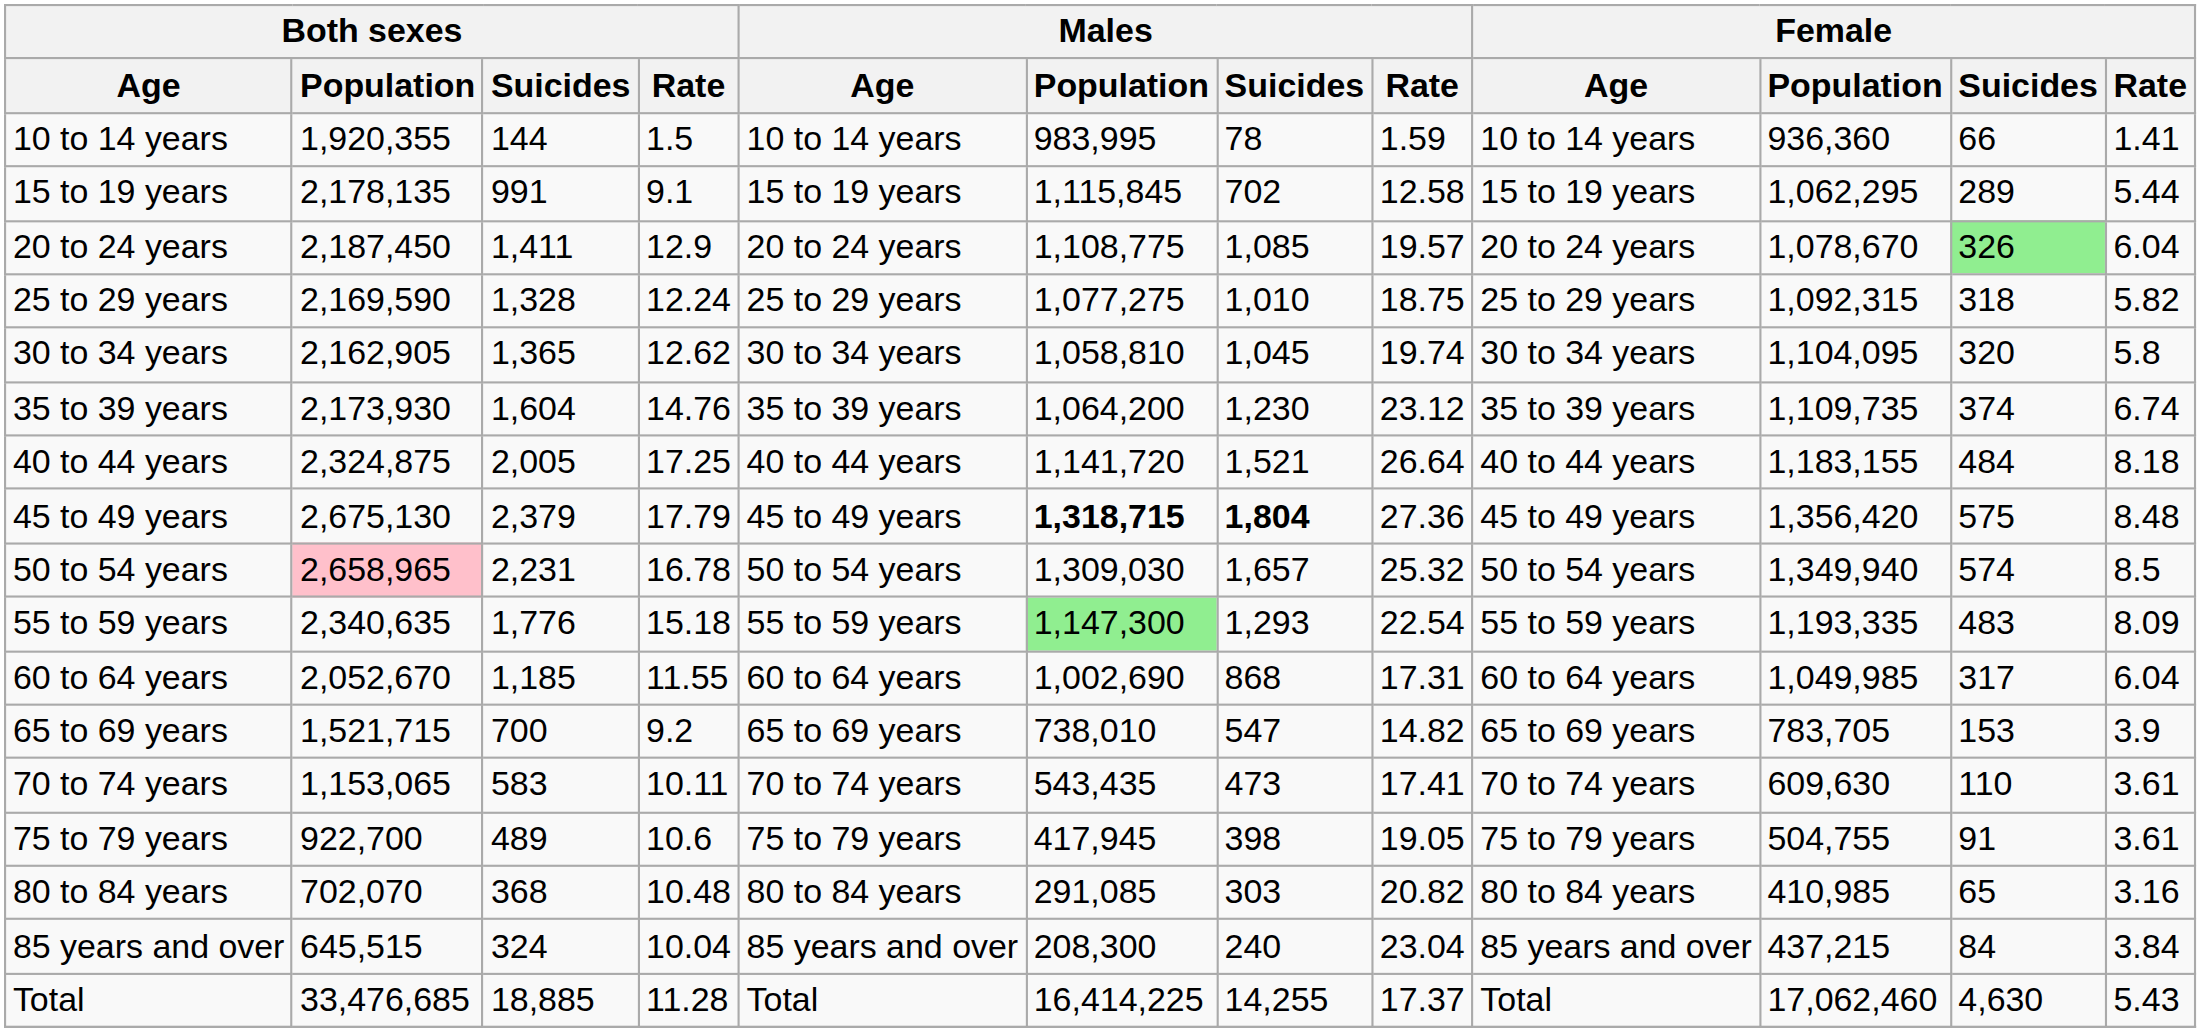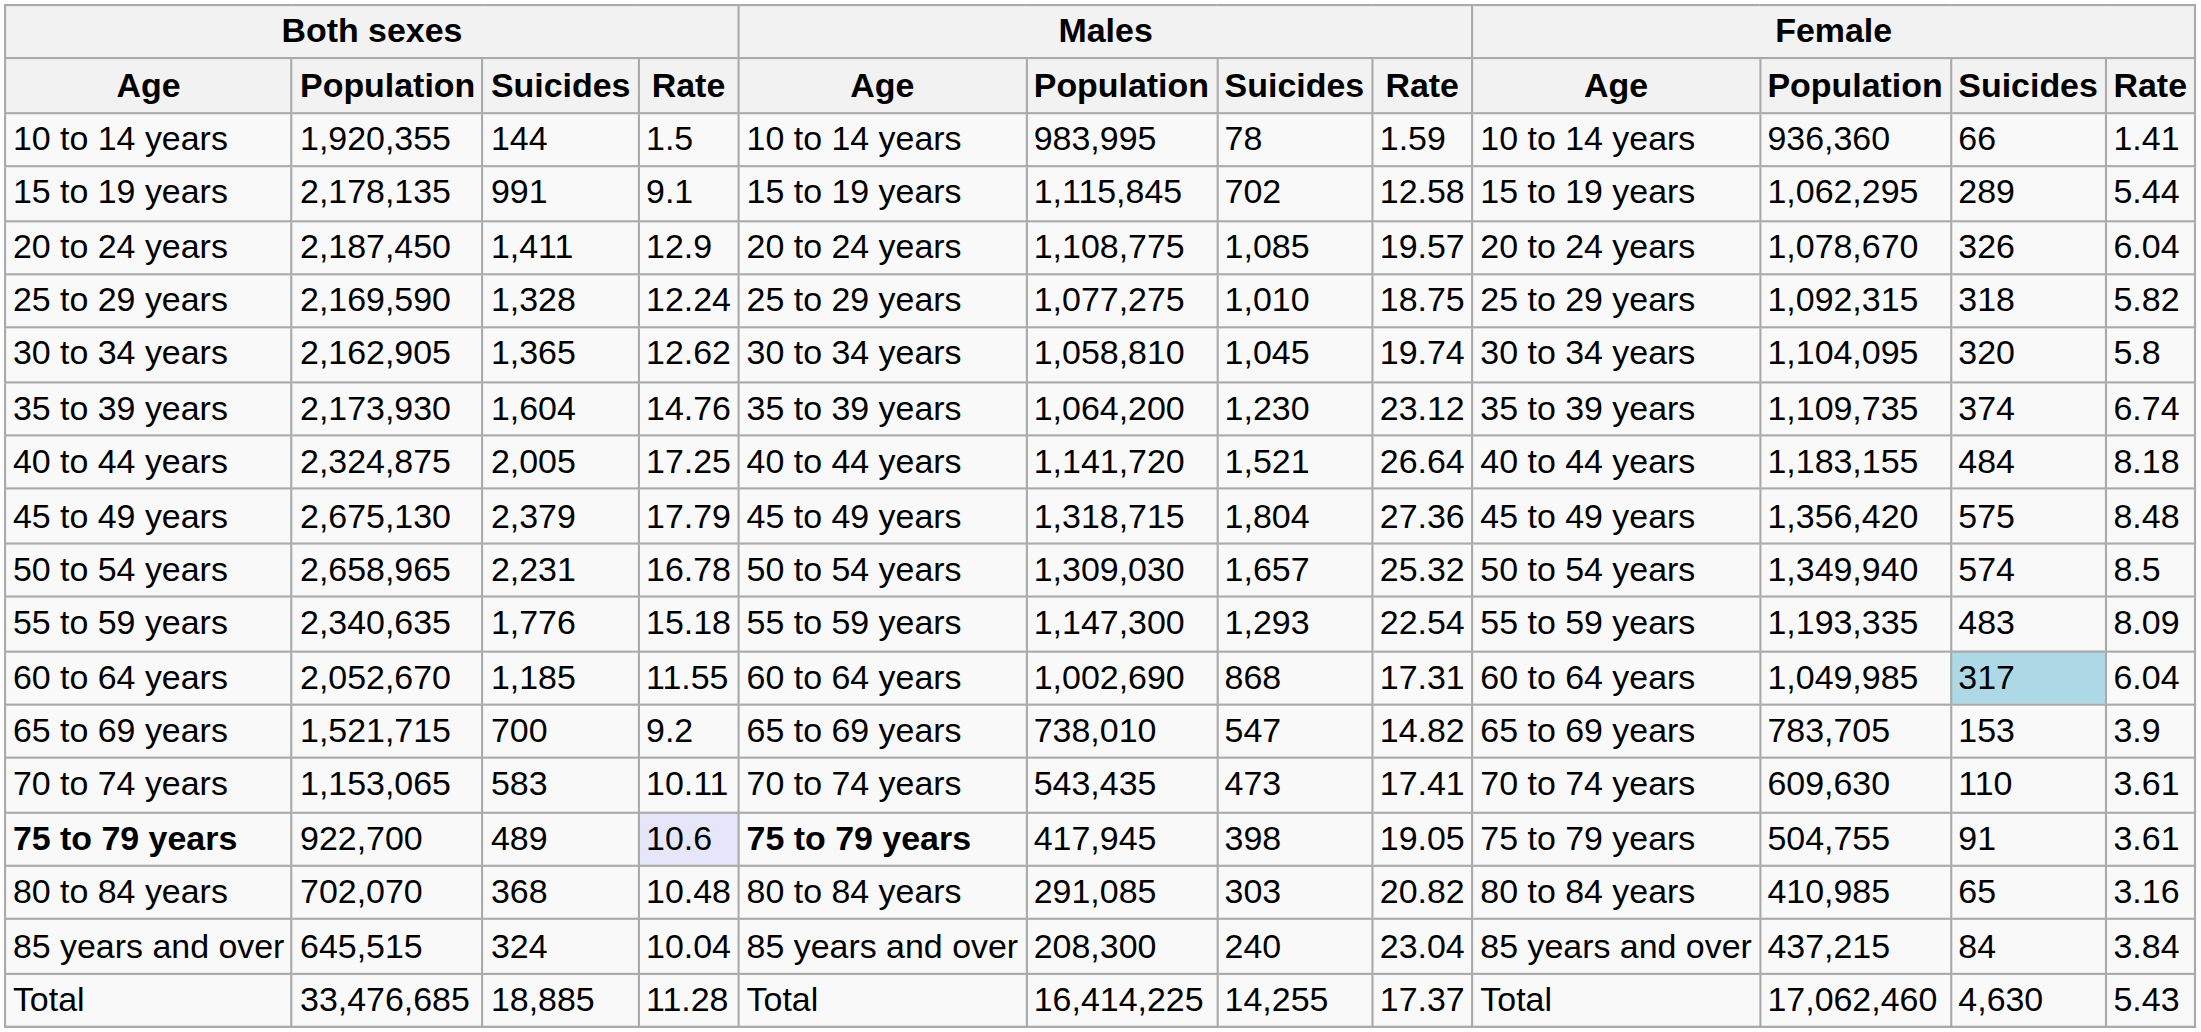 <table class="wikitable sortable">
 <tr>
 <th colspan="4">Both sexes</th>
 <th colspan="4">Males</th>
 <th colspan="4">Female</th>
 </tr>
 <tr>
 <th scope="col">Age</th>
 <th scope="col">Population</th>
 <th scope="col">Suicides</th>
 <th scope="col">Rate</th>
 <th scope="col">Age</th>
 <th scope="col">Population</th>
 <th scope="col">Suicides</th>
 <th scope="col">Rate</th>
 <th scope="col">Age</th>
 <th scope="col">Population</th>
 <th scope="col">Suicides</th>
 <th scope="col">Rate</th>
 </tr>
 <tr>
 <td>10 to 14 years</td>
 <td>1,920,355</td>
 <td>144</td>
 <td>1.5</td>
 <td>10 to 14 years</td>
 <td>983,995</td>
 <td>78</td>
 <td>1.59</td>
 <td>10 to 14 years</td>
 <td>936,360</td>
 <td>66</td>
 <td>1.41</td>
 </tr>
 <tr>
 <td>15 to 19 years</td>
 <td>2,178,135</td>
 <td>991</td>
 <td>9.1</td>
 <td>15 to 19 years</td>
 <td>1,115,845</td>
 <td>702</td>
 <td>12.58</td>
 <td>15 to 19 years</td>
 <td>1,062,295</td>
 <td>289</td>
 <td>5.44</td>
 </tr>
 <tr>
 <td>20 to 24 years</td>
 <td>2,187,450</td>
 <td>1,411</td>
 <td>12.9</td>
 <td>20 to 24 years</td>
 <td>1,108,775</td>
 <td>1,085</td>
 <td>19.57</td>
 <td>20 to 24 years</td>
 <td>1,078,670</td>
-<td style="background: lightgreen;">326</td>
+<td>326</td>
 <td>6.04</td>
 </tr>
 <tr>
 <td>25 to 29 years</td>
 <td>2,169,590</td>
 <td>1,328</td>
 <td>12.24</td>
 <td>25 to 29 years</td>
 <td>1,077,275</td>
 <td>1,010</td>
 <td>18.75</td>
 <td>25 to 29 years</td>
 <td>1,092,315</td>
 <td>318</td>
 <td>5.82</td>
 </tr>
 <tr>
 <td>30 to 34 years</td>
 <td>2,162,905</td>
 <td>1,365</td>
 <td>12.62</td>
 <td>30 to 34 years</td>
 <td>1,058,810</td>
 <td>1,045</td>
 <td>19.74</td>
 <td>30 to 34 years</td>
 <td>1,104,095</td>
 <td>320</td>
 <td>5.8</td>
 </tr>
 <tr>
 <td>35 to 39 years</td>
 <td>2,173,930</td>
 <td>1,604</td>
 <td>14.76</td>
 <td>35 to 39 years</td>
 <td>1,064,200</td>
 <td>1,230</td>
 <td>23.12</td>
 <td>35 to 39 years</td>
 <td>1,109,735</td>
 <td>374</td>
 <td>6.74</td>
 </tr>
 <tr>
 <td>40 to 44 years</td>
 <td>2,324,875</td>
 <td>2,005</td>
 <td>17.25</td>
 <td>40 to 44 years</td>
 <td>1,141,720</td>
 <td>1,521</td>
 <td>26.64</td>
 <td>40 to 44 years</td>
 <td>1,183,155</td>
 <td>484</td>
 <td>8.18</td>
 </tr>
 <tr>
 <td>45 to 49 years</td>
 <td>2,675,130</td>
 <td>2,379</td>
 <td>17.79</td>
 <td>45 to 49 years</td>
-<td><strong>1,318,715</strong></td>
-<td><strong>1,804</strong></td>
+<td>1,318,715</td>
+<td>1,804</td>
 <td>27.36</td>
 <td>45 to 49 years</td>
 <td>1,356,420</td>
 <td>575</td>
 <td>8.48</td>
 </tr>
 <tr>
 <td>50 to 54 years</td>
-<td style="background: pink;">2,658,965</td>
+<td>2,658,965</td>
 <td>2,231</td>
 <td>16.78</td>
 <td>50 to 54 years</td>
 <td>1,309,030</td>
 <td>1,657</td>
 <td>25.32</td>
 <td>50 to 54 years</td>
 <td>1,349,940</td>
 <td>574</td>
 <td>8.5</td>
 </tr>
 <tr>
 <td>55 to 59 years</td>
 <td>2,340,635</td>
 <td>1,776</td>
 <td>15.18</td>
 <td>55 to 59 years</td>
-<td style="background: lightgreen;">1,147,300</td>
+<td>1,147,300</td>
 <td>1,293</td>
 <td>22.54</td>
 <td>55 to 59 years</td>
 <td>1,193,335</td>
 <td>483</td>
 <td>8.09</td>
 </tr>
 <tr>
 <td>60 to 64 years</td>
 <td>2,052,670</td>
 <td>1,185</td>
 <td>11.55</td>
 <td>60 to 64 years</td>
 <td>1,002,690</td>
 <td>868</td>
 <td>17.31</td>
 <td>60 to 64 years</td>
 <td>1,049,985</td>
-<td>317</td>
+<td style="background: lightblue;">317</td>
 <td>6.04</td>
 </tr>
 <tr>
 <td>65 to 69 years</td>
 <td>1,521,715</td>
 <td>700</td>
 <td>9.2</td>
 <td>65 to 69 years</td>
 <td>738,010</td>
 <td>547</td>
 <td>14.82</td>
 <td>65 to 69 years</td>
 <td>783,705</td>
 <td>153</td>
 <td>3.9</td>
 </tr>
 <tr>
 <td>70 to 74 years</td>
 <td>1,153,065</td>
 <td>583</td>
 <td>10.11</td>
 <td>70 to 74 years</td>
 <td>543,435</td>
 <td>473</td>
 <td>17.41</td>
 <td>70 to 74 years</td>
 <td>609,630</td>
 <td>110</td>
 <td>3.61</td>
 </tr>
 <tr>
-<td>75 to 79 years</td>
+<td><strong>75 to 79 years</strong></td>
 <td>922,700</td>
 <td>489</td>
-<td>10.6</td>
-<td>75 to 79 years</td>
+<td style="background: lavender;">10.6</td>
+<td><strong>75 to 79 years</strong></td>
 <td>417,945</td>
 <td>398</td>
 <td>19.05</td>
 <td>75 to 79 years</td>
 <td>504,755</td>
 <td>91</td>
 <td>3.61</td>
 </tr>
 <tr>
 <td>80 to 84 years</td>
 <td>702,070</td>
 <td>368</td>
 <td>10.48</td>
 <td>80 to 84 years</td>
 <td>291,085</td>
 <td>303</td>
 <td>20.82</td>
 <td>80 to 84 years</td>
 <td>410,985</td>
 <td>65</td>
 <td>3.16</td>
 </tr>
 <tr>
 <td>85 years and over</td>
 <td>645,515</td>
 <td>324</td>
 <td>10.04</td>
 <td>85 years and over</td>
 <td>208,300</td>
 <td>240</td>
 <td>23.04</td>
 <td>85 years and over</td>
 <td>437,215</td>
 <td>84</td>
 <td>3.84</td>
 </tr>
 <tr>
 <td>Total</td>
 <td>33,476,685</td>
 <td>18,885</td>
 <td>11.28</td>
 <td>Total</td>
 <td>16,414,225</td>
 <td>14,255</td>
 <td>17.37</td>
 <td>Total</td>
 <td>17,062,460</td>
 <td>4,630</td>
 <td>5.43</td>
 </tr>
 <tr>
 </tr>
 </table>
